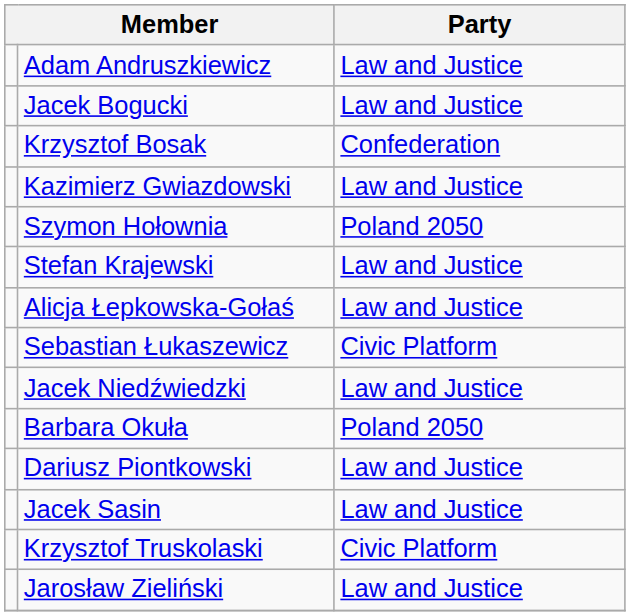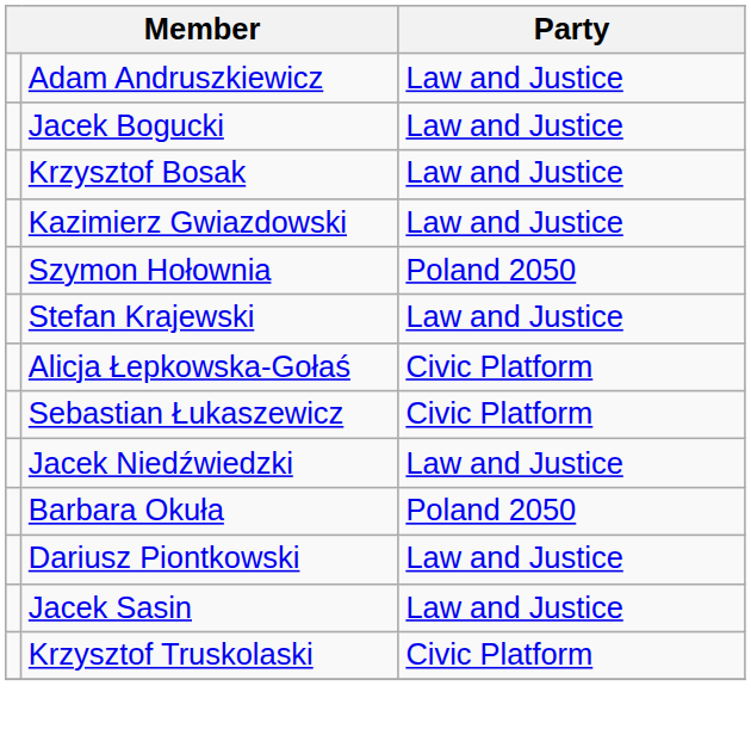 <table class="wikitable">
 <tr>
 <th width=200px colspan=2>Member</th>
 <th width=175px>Party</th>
 </tr>
 <tr>
 <td style="background-color: "></td>
 <td><a href='#'>Adam Andruszkiewicz</a></td>
 <td><a href='#'>Law and Justice</a></td>
 </tr>
 <tr>
 <td style="background-color: "></td>
 <td><a href='#'>Jacek Bogucki</a></td>
 <td><a href='#'>Law and Justice</a></td>
 </tr>
 <tr>
 <td style="background-color: "></td>
 <td><a href='#'>Krzysztof Bosak</a></td>
-<td><a href='#'>Confederation</a></td>
+<td><a href='#'>Law and Justice</a></td>
 </tr>
 <tr>
 <td style="background-color: "></td>
 <td><a href='#'>Kazimierz Gwiazdowski</a></td>
 <td><a href='#'>Law and Justice</a></td>
 </tr>
 <tr>
 <td style="background-color: "></td>
 <td><a href='#'>Szymon Hołownia</a></td>
 <td><a href='#'>Poland 2050</a></td>
 </tr>
 <tr>
 <td style="background-color: "></td>
 <td><a href='#'>Stefan Krajewski</a></td>
 <td><a href='#'>Law and Justice</a></td>
 </tr>
 <tr>
 <td style="background-color: "></td>
 <td><a href='#'>Alicja Łepkowska-Gołaś</a></td>
-<td><a href='#'>Law and Justice</a></td>
+<td><a href='#'>Civic Platform</a></td>
 </tr>
 <tr>
 <td style="background-color: "></td>
 <td><a href='#'>Sebastian Łukaszewicz</a></td>
 <td><a href='#'>Civic Platform</a></td>
 </tr>
 <tr>
 <td style="background-color: "></td>
 <td><a href='#'>Jacek Niedźwiedzki</a></td>
 <td><a href='#'>Law and Justice</a></td>
 </tr>
 <tr>
 <td style="background-color: "></td>
 <td><a href='#'>Barbara Okuła</a></td>
 <td><a href='#'>Poland 2050</a></td>
 </tr>
 <tr>
 <td style="background-color: "></td>
 <td><a href='#'>Dariusz Piontkowski</a></td>
 <td><a href='#'>Law and Justice</a></td>
 </tr>
 <tr>
 <td style="background-color: "></td>
 <td><a href='#'>Jacek Sasin</a></td>
 <td><a href='#'>Law and Justice</a></td>
 </tr>
 <tr>
 <td style="background-color: "></td>
 <td><a href='#'>Krzysztof Truskolaski</a></td>
 <td><a href='#'>Civic Platform</a></td>
 </tr>
 <tr>
-<td style="background-color: "></td>
-<td><a href='#'>Jarosław Zieliński</a></td>
-<td><a href='#'>Law and Justice</a></td>
-</tr>
-<tr>
 </tr>
 </table>
